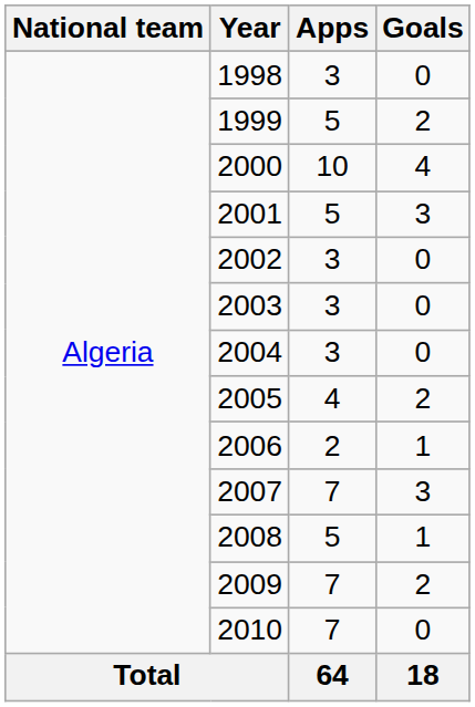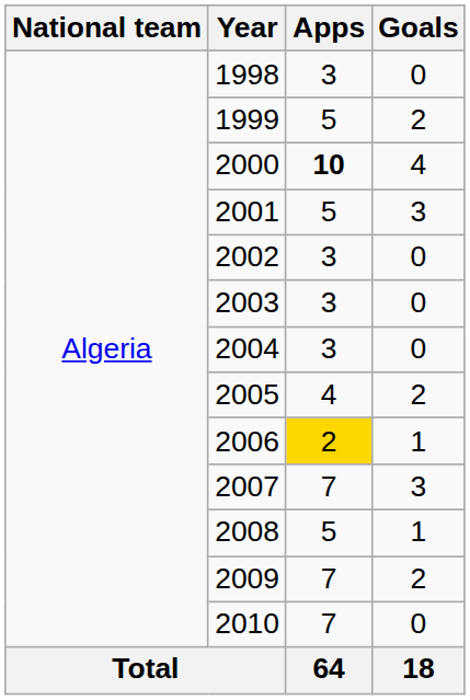 <table class="wikitable" style="text-align:center">
 <tr>
 <th>National team</th>
 <th>Year</th>
 <th>Apps</th>
 <th>Goals</th>
 </tr>
 <tr>
 <td rowspan="13"><a href='#'>Algeria</a></td>
 <td>1998</td>
 <td>3</td>
 <td>0</td>
 </tr>
 <tr>
 <td>1999</td>
 <td>5</td>
 <td>2</td>
 </tr>
 <tr>
 <td>2000</td>
-<td>10</td>
+<td><strong>10</strong></td>
 <td>4</td>
 </tr>
 <tr>
 <td>2001</td>
 <td>5</td>
 <td>3</td>
 </tr>
 <tr>
 <td>2002</td>
 <td>3</td>
 <td>0</td>
 </tr>
 <tr>
 <td>2003</td>
 <td>3</td>
 <td>0</td>
 </tr>
 <tr>
 <td>2004</td>
 <td>3</td>
 <td>0</td>
 </tr>
 <tr>
 <td>2005</td>
 <td>4</td>
 <td>2</td>
 </tr>
 <tr>
 <td>2006</td>
-<td>2</td>
+<td style="background: gold;">2</td>
 <td>1</td>
 </tr>
 <tr>
 <td>2007</td>
 <td>7</td>
 <td>3</td>
 </tr>
 <tr>
 <td>2008</td>
 <td>5</td>
 <td>1</td>
 </tr>
 <tr>
 <td>2009</td>
 <td>7</td>
 <td>2</td>
 </tr>
 <tr>
 <td>2010</td>
 <td>7</td>
 <td>0</td>
 </tr>
 <tr>
 <th colspan="2">Total</th>
 <th>64</th>
 <th>18</th>
 </tr>
 </table>
